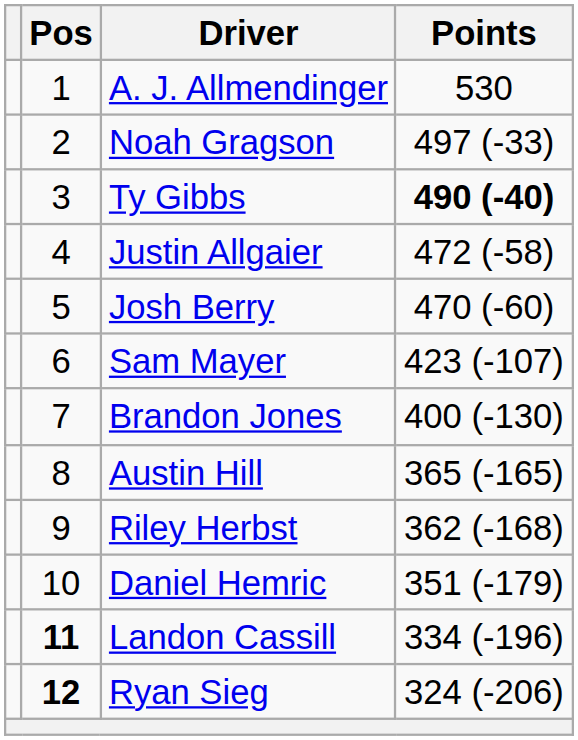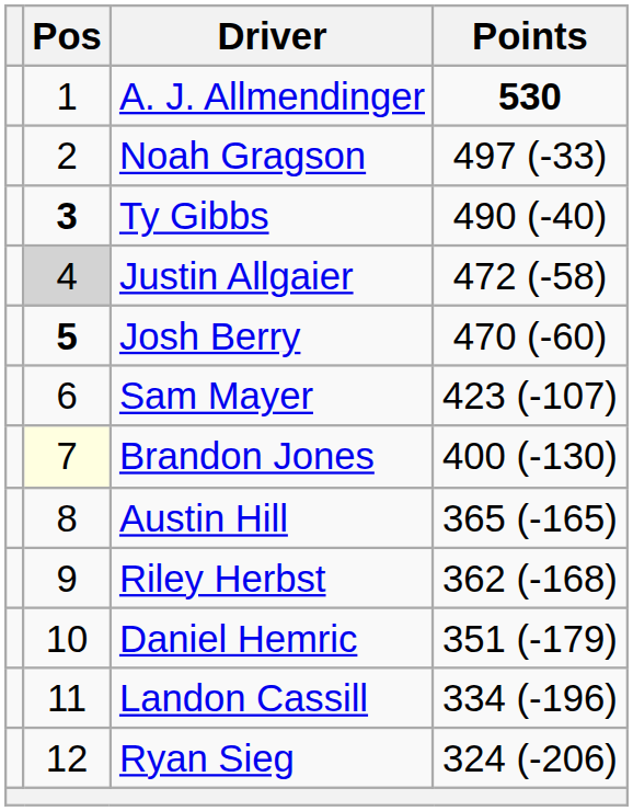 <table class="wikitable" style="font-size: 95%;">
 <tr>
 <th></th>
 <th>Pos</th>
 <th>Driver</th>
 <th>Points</th>
 </tr>
 <tr>
 <td align="left"></td>
 <td style="text-align:center;">1</td>
 <td><a href='#'>A. J. Allmendinger</a></td>
-<td style="text-align:center;">530</td>
+<td style="text-align:center;"><strong>530</strong></td>
 </tr>
 <tr>
 <td align="left"></td>
 <td style="text-align:center;">2</td>
 <td><a href='#'>Noah Gragson</a></td>
 <td style="text-align:center;">497 (-33)</td>
 </tr>
 <tr>
 <td align="left"></td>
-<td style="text-align:center;">3</td>
+<td style="text-align:center;"><strong>3</strong></td>
 <td><a href='#'>Ty Gibbs</a></td>
-<td style="text-align:center;"><strong>490 (-40)</strong></td>
+<td style="text-align:center;">490 (-40)</td>
 </tr>
 <tr>
 <td align="left"></td>
-<td style="text-align:center;">4</td>
+<td style="background: lightgrey; text-align:center;">4</td>
 <td><a href='#'>Justin Allgaier</a></td>
 <td style="text-align:center;">472 (-58)</td>
 </tr>
 <tr>
 <td align="left"></td>
-<td style="text-align:center;">5</td>
+<td style="text-align:center;"><strong>5</strong></td>
 <td><a href='#'>Josh Berry</a></td>
 <td style="text-align:center;">470 (-60)</td>
 </tr>
 <tr>
 <td align="left"></td>
 <td style="text-align:center;">6</td>
 <td><a href='#'>Sam Mayer</a></td>
 <td style="text-align:center;">423 (-107)</td>
 </tr>
 <tr>
 <td align="left"></td>
-<td style="text-align:center;">7</td>
+<td style="background: lightyellow; text-align:center;">7</td>
 <td><a href='#'>Brandon Jones</a></td>
 <td style="text-align:center;">400 (-130)</td>
 </tr>
 <tr>
 <td align="left"></td>
 <td style="text-align:center;">8</td>
 <td><a href='#'>Austin Hill</a></td>
 <td style="text-align:center;">365 (-165)</td>
 </tr>
 <tr>
 <td align="left"></td>
 <td style="text-align:center;">9</td>
 <td><a href='#'>Riley Herbst</a></td>
 <td style="text-align:center;">362 (-168)</td>
 </tr>
 <tr>
 <td align="left"></td>
 <td style="text-align:center;">10</td>
 <td><a href='#'>Daniel Hemric</a></td>
 <td style="text-align:center;">351 (-179)</td>
 </tr>
 <tr>
 <td align="left"></td>
-<td style="text-align:center;"><strong>11</strong></td>
+<td style="text-align:center;">11</td>
 <td><a href='#'>Landon Cassill</a></td>
 <td style="text-align:center;">334 (-196)</td>
 </tr>
 <tr>
 <td align="left"></td>
-<td style="text-align:center;"><strong>12</strong></td>
+<td style="text-align:center;">12</td>
 <td><a href='#'>Ryan Sieg</a></td>
 <td style="text-align:center;">324 (-206)</td>
 </tr>
 <tr class="sortbottom">
 <th colspan="9"></th>
 </tr>
 </table>
